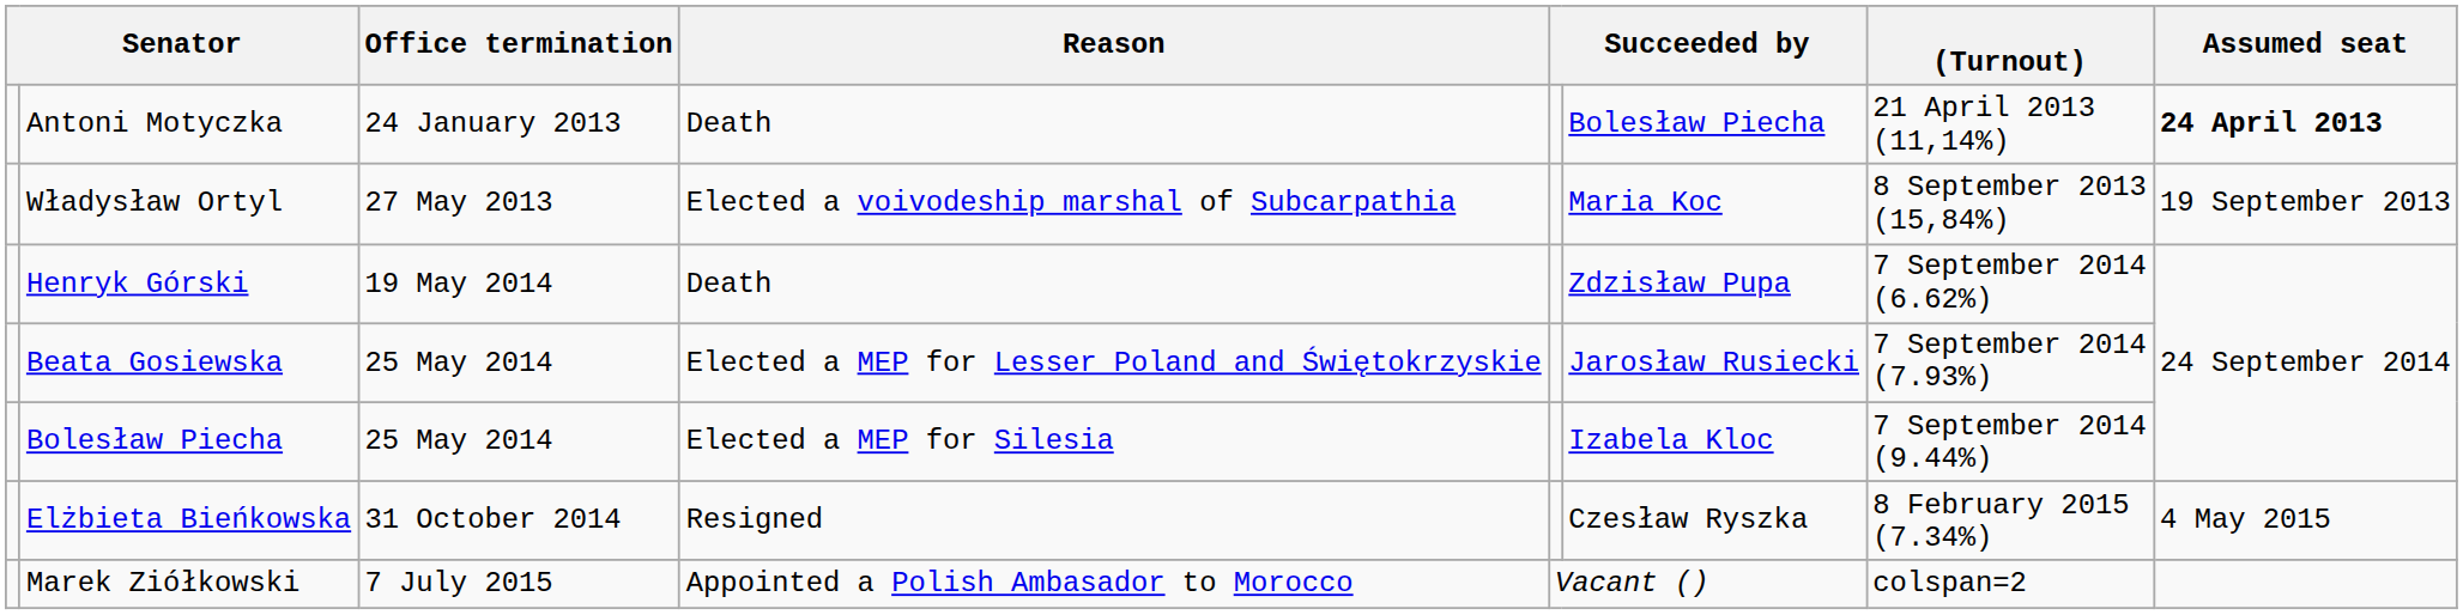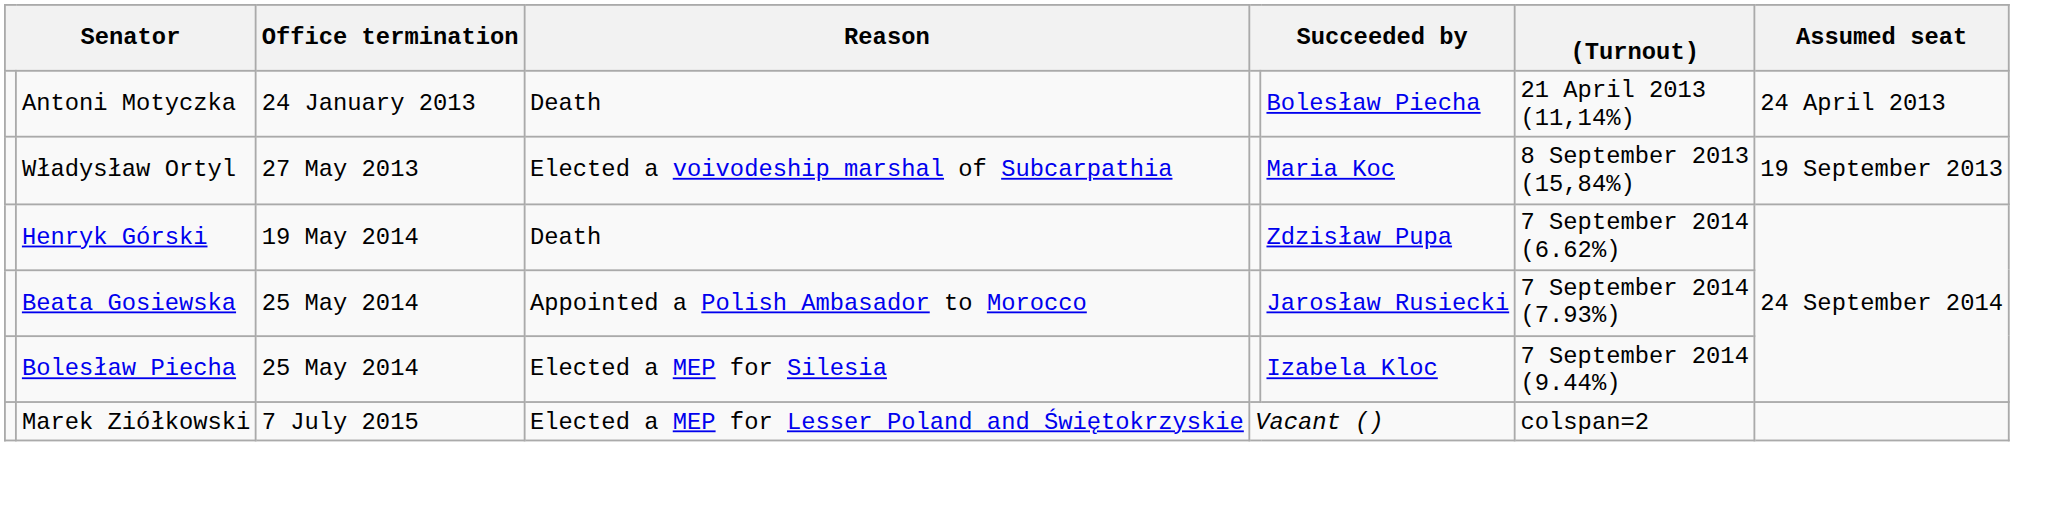 <table class="wikitable">
 <tr>
 <th colspan="2">Senator</th>
 <th>Office termination</th>
 <th>Reason</th>
 <th colspan="2">Succeeded by</th>
 <th><br>(Turnout)</th>
 <th>Assumed seat</th>
 </tr>
 <tr>
 <td></td>
 <td>Antoni Motyczka</td>
 <td>24 January 2013</td>
 <td>Death</td>
 <td></td>
 <td><a href='#'>Bolesław Piecha</a></td>
 <td>21 April 2013<br>(11,14%)</td>
-<td><strong>24 April 2013</strong></td>
+<td>24 April 2013</td>
 </tr>
 <tr>
 <td></td>
 <td>Władysław Ortyl</td>
 <td>27 May 2013</td>
 <td>Elected a <a href='#'>voivodeship marshal</a> of <a href='#'>Subcarpathia</a></td>
 <td></td>
 <td><a href='#'>Maria Koc</a></td>
 <td>8 September 2013<br>(15,84%)</td>
 <td>19 September 2013</td>
 </tr>
 <tr>
 <td></td>
 <td><a href='#'>Henryk Górski</a></td>
 <td>19 May 2014</td>
 <td>Death</td>
 <td></td>
 <td><a href='#'>Zdzisław Pupa</a></td>
 <td>7 September 2014<br>(6.62%)</td>
 <td rowspan="3">24 September 2014</td>
 </tr>
 <tr>
 <td></td>
 <td><a href='#'>Beata Gosiewska</a></td>
 <td>25 May 2014</td>
-<td>Elected a <a href='#'>MEP</a> for <a href='#'>Lesser Poland and Świętokrzyskie</a></td>
+<td>Appointed a <a href='#'>Polish Ambasador</a> to <a href='#'>Morocco</a></td>
 <td></td>
 <td><a href='#'>Jarosław Rusiecki</a></td>
 <td>7 September 2014<br>(7.93%)</td>
 </tr>
 <tr>
 <td></td>
 <td><a href='#'>Bolesław Piecha</a></td>
 <td>25 May 2014</td>
 <td>Elected a <a href='#'>MEP</a> for <a href='#'>Silesia</a></td>
 <td></td>
 <td><a href='#'>Izabela Kloc</a></td>
 <td>7 September 2014<br>(9.44%)</td>
 </tr>
 <tr>
 <td></td>
-<td><a href='#'>Elżbieta Bieńkowska</a></td>
-<td>31 October 2014</td>
-<td>Resigned</td>
-<td></td>
-<td>Czesław Ryszka</td>
-<td>8 February 2015<br>(7.34%)</td>
-<td>4 May 2015</td>
-</tr>
-<tr>
-<td></td>
 <td>Marek Ziółkowski</td>
 <td>7 July 2015</td>
-<td>Appointed a <a href='#'>Polish Ambasador</a> to <a href='#'>Morocco</a></td>
+<td>Elected a <a href='#'>MEP</a> for <a href='#'>Lesser Poland and Świętokrzyskie</a></td>
 <td colspan="2"><em>Vacant ()</em></td>
 <td>colspan=2 </td>
 </tr>
 </table>
